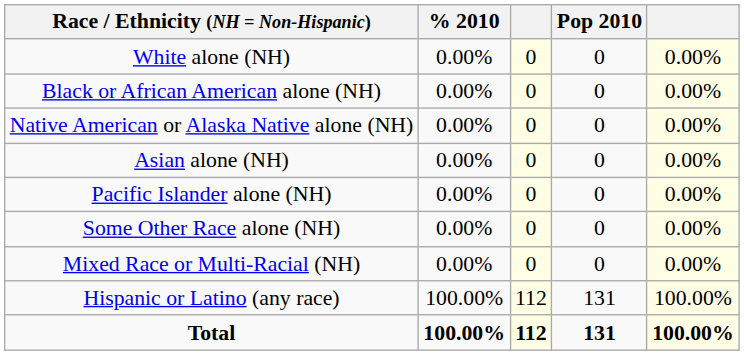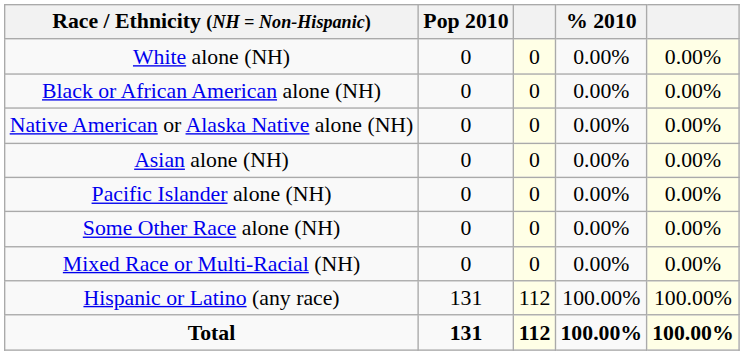 <table class="wikitable" style="text-align:center;">
 <tr>
 <th>Race / Ethnicity <small>(<em>NH = Non-Hispanic</em>)</small></th>
+<th>Pop 2010</th>
+<th></th>
 <th>% 2010</th>
-<th></th>
-<th>Pop 2010</th>
 <th></th>
 </tr>
 <tr>
 <td><a href='#'>White</a> alone (NH)</td>
+<td>0</td>
+<td style='background: #ffffe6;'>0</td>
 <td>0.00%</td>
-<td style='background: #ffffe6;'>0</td>
-<td>0</td>
 <td style='background: #ffffe6;'>0.00%</td>
 </tr>
 <tr>
 <td><a href='#'>Black or African American</a> alone (NH)</td>
+<td>0</td>
+<td style='background: #ffffe6;'>0</td>
 <td>0.00%</td>
-<td style='background: #ffffe6;'>0</td>
-<td>0</td>
 <td style='background: #ffffe6;'>0.00%</td>
 </tr>
 <tr>
 <td><a href='#'>Native American</a> or <a href='#'>Alaska Native</a> alone (NH)</td>
+<td>0</td>
+<td style='background: #ffffe6;'>0</td>
 <td>0.00%</td>
-<td style='background: #ffffe6;'>0</td>
-<td>0</td>
 <td style='background: #ffffe6;'>0.00%</td>
 </tr>
 <tr>
 <td><a href='#'>Asian</a> alone (NH)</td>
+<td>0</td>
+<td style='background: #ffffe6;'>0</td>
 <td>0.00%</td>
-<td style='background: #ffffe6;'>0</td>
-<td>0</td>
 <td style='background: #ffffe6;'>0.00%</td>
 </tr>
 <tr>
 <td><a href='#'>Pacific Islander</a> alone (NH)</td>
+<td>0</td>
+<td style='background: #ffffe6;'>0</td>
 <td>0.00%</td>
-<td style='background: #ffffe6;'>0</td>
-<td>0</td>
 <td style='background: #ffffe6;'>0.00%</td>
 </tr>
 <tr>
 <td><a href='#'>Some Other Race</a> alone (NH)</td>
+<td>0</td>
+<td style='background: #ffffe6;'>0</td>
 <td>0.00%</td>
-<td style='background: #ffffe6;'>0</td>
-<td>0</td>
 <td style='background: #ffffe6;'>0.00%</td>
 </tr>
 <tr>
 <td><a href='#'>Mixed Race or Multi-Racial</a> (NH)</td>
+<td>0</td>
+<td style='background: #ffffe6;'>0</td>
 <td>0.00%</td>
-<td style='background: #ffffe6;'>0</td>
-<td>0</td>
 <td style='background: #ffffe6;'>0.00%</td>
 </tr>
 <tr>
 <td><a href='#'>Hispanic or Latino</a> (any race)</td>
+<td>131</td>
+<td style='background: #ffffe6;'>112</td>
 <td>100.00%</td>
-<td style='background: #ffffe6;'>112</td>
-<td>131</td>
 <td style='background: #ffffe6;'>100.00%</td>
 </tr>
 <tr>
 <td><strong>Total</strong></td>
+<td><strong>131</strong></td>
+<td style='background: #ffffe6;'><strong>112</strong></td>
 <td><strong>100.00%</strong></td>
-<td style='background: #ffffe6;'><strong>112</strong></td>
-<td><strong>131</strong></td>
 <td style='background: #ffffe6;'><strong>100.00%</strong></td>
 </tr>
 </table>
